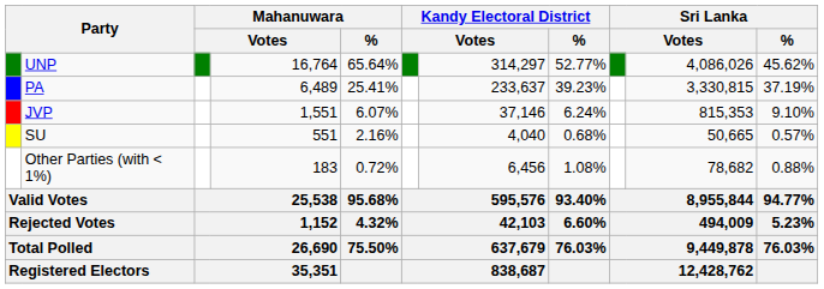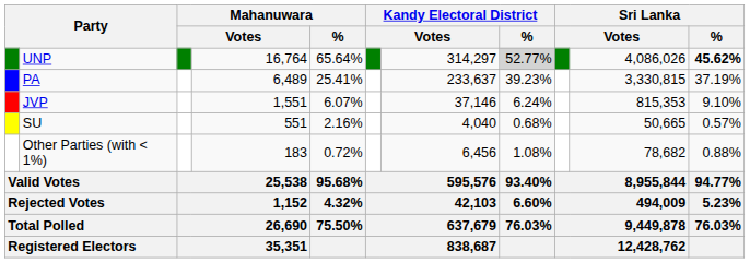 <table class="wikitable">
 <tr>
 <th colspan="2" width="144px"rowspan="2">Party</th>
 <th colspan="3" width="216px">Mahanuwara</th>
 <th colspan="3" width="216px"><a href='#'>Kandy Electoral District</a></th>
 <th colspan="3" width="216px">Sri Lanka</th>
 </tr>
 <tr>
 <th colspan="2" width="144px">Votes</th>
 <th>%</th>
 <th colspan="2" width="144px">Votes</th>
 <th>%</th>
 <th colspan="2" width="144px">Votes</th>
 <th>%</th>
 </tr>
 <tr>
 <td style="background-color:green;" width="10px"></td>
 <td style="text-align:left;"><a href='#'>UNP</a></td>
 <td style="background-color:green;" width="10px"></td>
 <td style="text-align:right;">16,764</td>
 <td style="text-align:right;">65.64%</td>
 <td style="background-color:green;" width="10px"></td>
 <td style="text-align:right;">314,297</td>
-<td style="text-align:right;">52.77%</td>
+<td style="background: lightgrey; text-align:right;">52.77%</td>
 <td style="background-color:green;" width="10px"></td>
 <td style="text-align:right;">4,086,026</td>
-<td style="text-align:right;">45.62%</td>
+<td style="text-align:right;"><strong>45.62%</strong></td>
 </tr>
 <tr>
 <td style="background-color:blue;" width="10px"></td>
 <td style="text-align:left;"><a href='#'>PA</a></td>
 <td style="background-color:white;" width="10px"></td>
 <td style="text-align:right;">6,489</td>
 <td style="text-align:right;">25.41%</td>
 <td style="background-color:white;" width="10px"></td>
 <td style="text-align:right;">233,637</td>
 <td style="text-align:right;">39.23%</td>
 <td style="background-color:white;" width="10px"></td>
 <td style="text-align:right;">3,330,815</td>
 <td style="text-align:right;">37.19%</td>
 </tr>
 <tr>
 <td style="background-color:red;" width="10px"></td>
 <td style="text-align:left;"><a href='#'>JVP</a></td>
 <td style="background-color:white;" width="10px"></td>
 <td style="text-align:right;">1,551</td>
 <td style="text-align:right;">6.07%</td>
 <td style="background-color:white;" width="10px"></td>
 <td style="text-align:right;">37,146</td>
 <td style="text-align:right;">6.24%</td>
 <td style="background-color:white;" width="10px"></td>
 <td style="text-align:right;">815,353</td>
 <td style="text-align:right;">9.10%</td>
 </tr>
 <tr>
 <td style="background-color:yellow;" width="10px"></td>
 <td style="text-align:left;">SU</td>
 <td style="background-color:white;" width="10px"></td>
 <td style="text-align:right;">551</td>
 <td style="text-align:right;">2.16%</td>
 <td style="background-color:white;" width="10px"></td>
 <td style="text-align:right;">4,040</td>
 <td style="text-align:right;">0.68%</td>
 <td style="background-color:white;" width="10px"></td>
 <td style="text-align:right;">50,665</td>
 <td style="text-align:right;">0.57%</td>
 </tr>
 <tr>
 <td style="background-color:white;" width="10px"></td>
 <td style="text-align:left;">Other Parties (with < 1%)</td>
 <td style="background-color:white;" width="10px"></td>
 <td style="text-align:right;">183</td>
 <td style="text-align:right;">0.72%</td>
 <td style="background-color:white;" width="10px"></td>
 <td style="text-align:right;">6,456</td>
 <td style="text-align:right;">1.08%</td>
 <td style="background-color:white;" width="10px"></td>
 <td style="text-align:right;">78,682</td>
 <td style="text-align:right;">0.88%</td>
 </tr>
 <tr>
 <th colspan="2" width="144px"style="text-align:left;">Valid Votes</th>
 <th style="text-align:right;"colspan="2" width="144px">25,538</th>
 <th style="text-align:right;">95.68%</th>
 <th style="text-align:right;"colspan="2" width="144px">595,576</th>
 <th style="text-align:right;">93.40%</th>
 <th style="text-align:right;"colspan="2" width="144px">8,955,844</th>
 <th style="text-align:right;">94.77%</th>
 </tr>
 <tr>
 <th colspan="2" width="144px"style="text-align:left;">Rejected Votes</th>
 <th style="text-align:right;"colspan="2" width="144px">1,152</th>
 <th style="text-align:right;">4.32%</th>
 <th style="text-align:right;"colspan="2" width="144px">42,103</th>
 <th style="text-align:right;">6.60%</th>
 <th style="text-align:right;"colspan="2" width="144px">494,009</th>
 <th style="text-align:right;">5.23%</th>
 </tr>
 <tr>
 <th colspan="2" width="144px"style="text-align:left;">Total Polled</th>
 <th style="text-align:right;"colspan="2" width="144px">26,690</th>
 <th style="text-align:right;">75.50%</th>
 <th style="text-align:right;"colspan="2" width="144px">637,679</th>
 <th style="text-align:right;">76.03%</th>
 <th style="text-align:right;"colspan="2" width="144px">9,449,878</th>
 <th style="text-align:right;">76.03%</th>
 </tr>
 <tr>
 <th colspan="2" width="144px"style="text-align:left;">Registered Electors</th>
 <th style="text-align:right;"colspan="2" width="144px">35,351</th>
 <th></th>
 <th style="text-align:right;"colspan="2" width="144px">838,687</th>
 <th></th>
 <th style="text-align:right;"colspan="2" width="144px">12,428,762</th>
 <th></th>
 </tr>
 </table>
